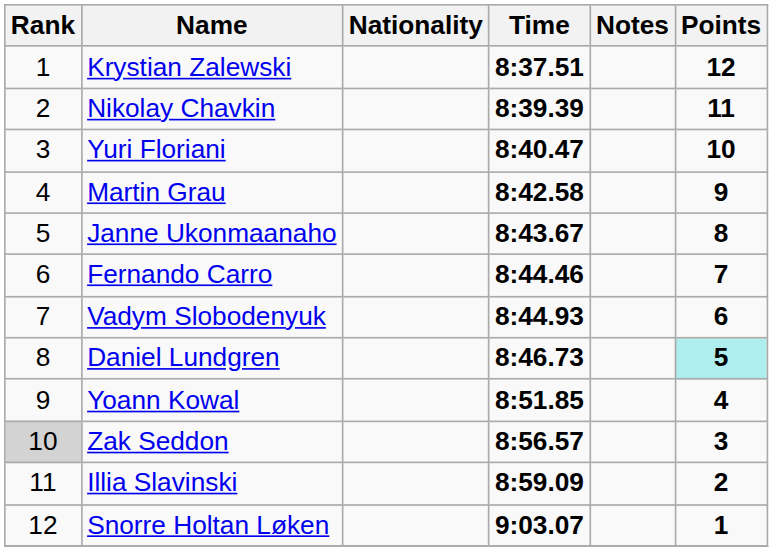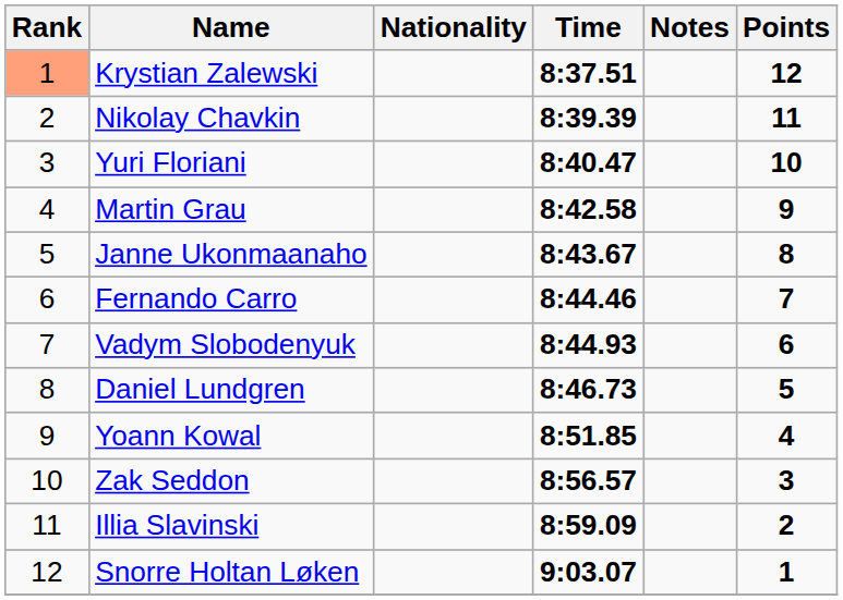 <table class="wikitable sortable" style="text-align:center">
 <tr>
 <th>Rank</th>
 <th>Name</th>
 <th>Nationality</th>
 <th>Time</th>
 <th>Notes</th>
 <th>Points</th>
 </tr>
 <tr>
-<td>1</td>
+<td style="background: lightsalmon;">1</td>
 <td align=left><a href='#'>Krystian Zalewski</a></td>
 <td align=left></td>
 <td><strong>8:37.51</strong></td>
 <td></td>
 <td><strong>12</strong></td>
 </tr>
 <tr>
 <td>2</td>
 <td align=left><a href='#'>Nikolay Chavkin</a></td>
 <td align=left></td>
 <td><strong>8:39.39</strong></td>
 <td></td>
 <td><strong>11</strong></td>
 </tr>
 <tr>
 <td>3</td>
 <td align=left><a href='#'>Yuri Floriani</a></td>
 <td align=left></td>
 <td><strong>8:40.47</strong></td>
 <td></td>
 <td><strong>10</strong></td>
 </tr>
 <tr>
 <td>4</td>
 <td align=left><a href='#'>Martin Grau</a></td>
 <td align=left></td>
 <td><strong>8:42.58</strong></td>
 <td></td>
 <td><strong>9</strong></td>
 </tr>
 <tr>
 <td>5</td>
 <td align=left><a href='#'>Janne Ukonmaanaho</a></td>
 <td align=left></td>
 <td><strong>8:43.67</strong></td>
 <td></td>
 <td><strong>8</strong></td>
 </tr>
 <tr>
 <td>6</td>
 <td align=left><a href='#'>Fernando Carro</a></td>
 <td align=left></td>
 <td><strong>8:44.46</strong></td>
 <td></td>
 <td><strong>7</strong></td>
 </tr>
 <tr>
 <td>7</td>
 <td align=left><a href='#'>Vadym Slobodenyuk</a></td>
 <td align=left></td>
 <td><strong>8:44.93</strong></td>
 <td></td>
 <td><strong>6</strong></td>
 </tr>
 <tr>
 <td>8</td>
 <td align=left><a href='#'>Daniel Lundgren</a></td>
 <td align=left></td>
 <td><strong>8:46.73</strong></td>
 <td></td>
-<td style="background: paleturquoise;"><strong>5</strong></td>
+<td><strong>5</strong></td>
 </tr>
 <tr>
 <td>9</td>
 <td align=left><a href='#'>Yoann Kowal</a></td>
 <td align=left></td>
 <td><strong>8:51.85</strong></td>
 <td></td>
 <td><strong>4</strong></td>
 </tr>
 <tr>
-<td style="background: lightgrey;">10</td>
+<td>10</td>
 <td align=left><a href='#'>Zak Seddon</a></td>
 <td align=left></td>
 <td><strong>8:56.57</strong></td>
 <td></td>
 <td><strong>3</strong></td>
 </tr>
 <tr>
 <td>11</td>
 <td align=left><a href='#'>Illia Slavinski</a></td>
 <td align=left></td>
 <td><strong>8:59.09</strong></td>
 <td></td>
 <td><strong>2</strong></td>
 </tr>
 <tr>
 <td>12</td>
 <td align=left><a href='#'>Snorre Holtan Løken</a></td>
 <td align=left></td>
 <td><strong>9:03.07</strong></td>
 <td></td>
 <td><strong>1</strong></td>
 </tr>
 <tr>
 </tr>
 </table>
